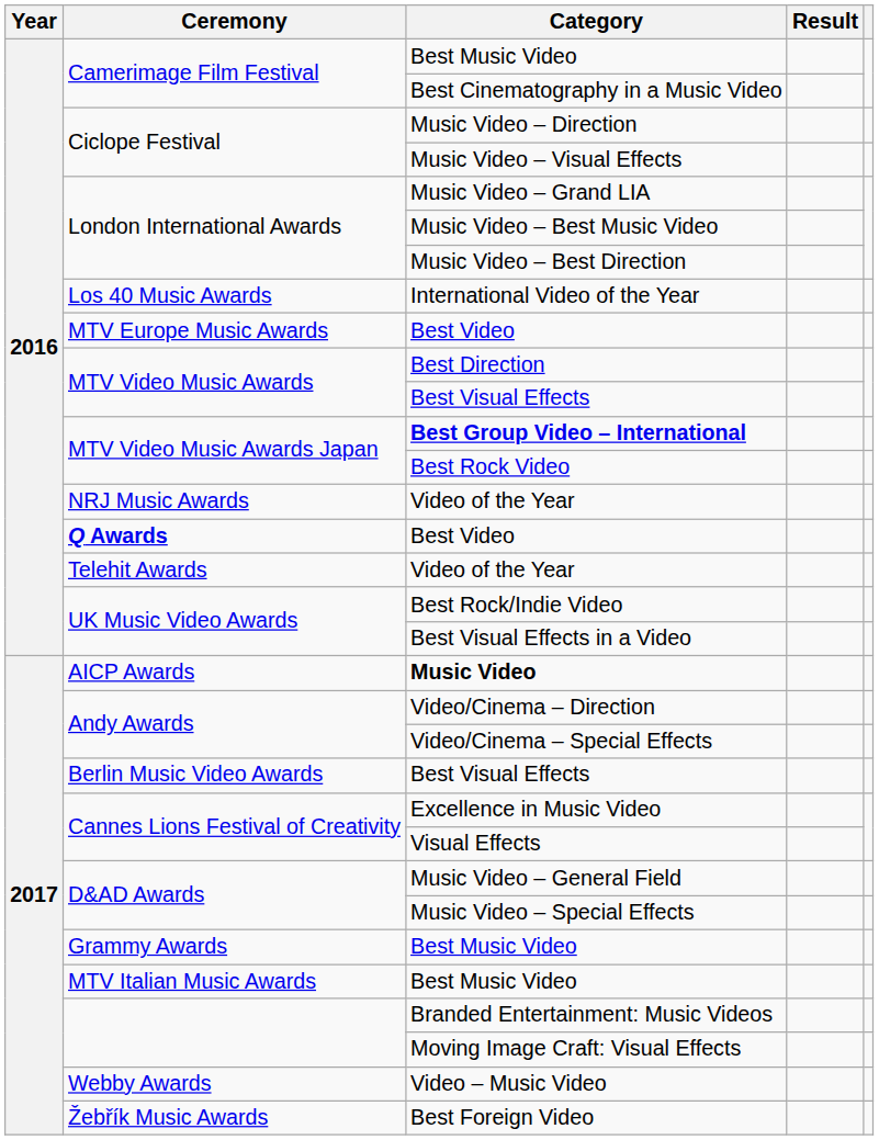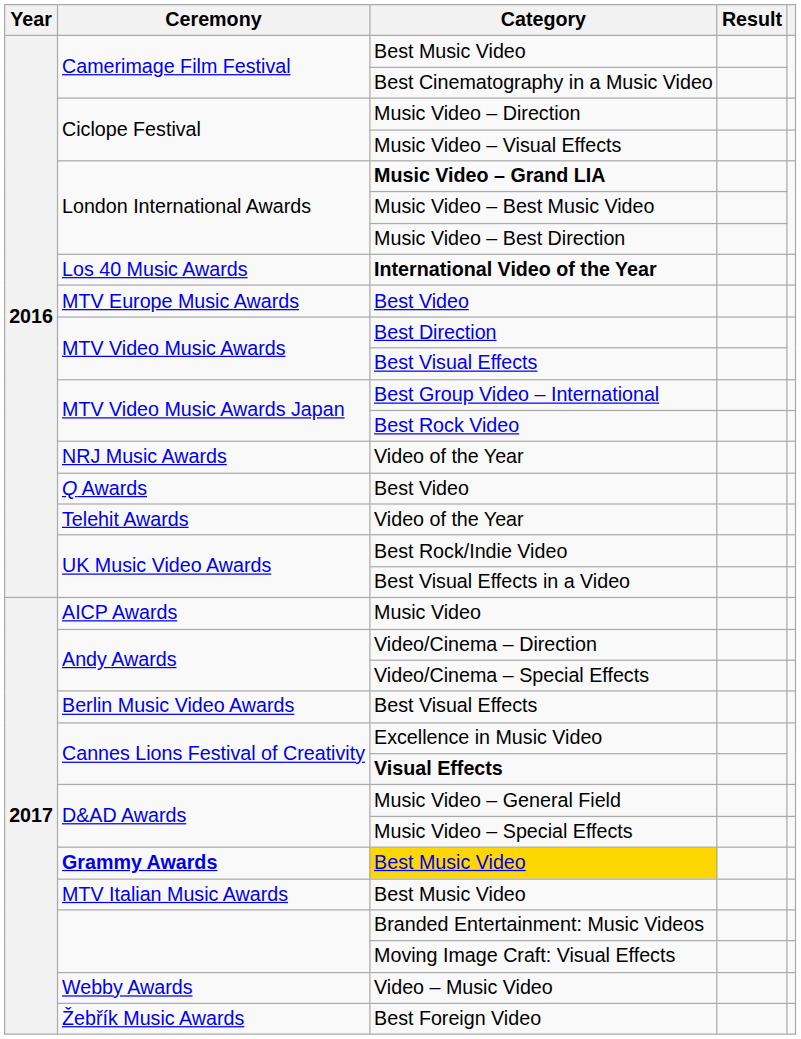 <table class="wikitable sortable plainrowheaders">
 <tr>
 <th scope="col">Year</th>
 <th scope="col">Ceremony</th>
 <th scope="col">Category</th>
 <th scope="col">Result</th>
 <th scope="col" class="unsortable"></th>
 </tr>
 <tr>
 <th rowspan="18" scope="rowgroup" style="text-align:center;">2016</th>
 <td rowspan="2"><a href='#'>Camerimage Film Festival</a></td>
 <td>Best Music Video</td>
 <td></td>
 <td rowspan="2" style="text-align: center;"></td>
 </tr>
 <tr>
 <td>Best Cinematography in a Music Video</td>
 <td></td>
 </tr>
 <tr>
 <td rowspan="2">Ciclope Festival</td>
 <td>Music Video – Direction</td>
 <td></td>
 <td style="text-align: center;"></td>
 </tr>
 <tr>
 <td>Music Video – Visual Effects</td>
 <td></td>
 <td style="text-align: center;"></td>
 </tr>
 <tr>
 <td rowspan="3">London International Awards</td>
-<td>Music Video – Grand LIA</td>
+<td><strong>Music Video – Grand LIA</strong></td>
 <td></td>
 <td rowspan="3" style="text-align: center;"></td>
 </tr>
 <tr>
 <td>Music Video – Best Music Video</td>
 <td></td>
 </tr>
 <tr>
 <td>Music Video – Best Direction</td>
 <td></td>
 </tr>
 <tr>
 <td><a href='#'>Los 40 Music Awards</a></td>
-<td>International Video of the Year</td>
+<td><strong>International Video of the Year</strong></td>
 <td></td>
 <td style="text-align: center;"></td>
 </tr>
 <tr>
 <td><a href='#'>MTV Europe Music Awards</a></td>
 <td><a href='#'>Best Video</a></td>
 <td></td>
 <td style="text-align: center;"></td>
 </tr>
 <tr>
 <td rowspan="2"><a href='#'>MTV Video Music Awards</a></td>
 <td><a href='#'>Best Direction</a></td>
 <td></td>
 <td rowspan="2" style="text-align: center;"></td>
 </tr>
 <tr>
 <td><a href='#'>Best Visual Effects</a></td>
 <td></td>
 </tr>
 <tr>
 <td rowspan="2"><a href='#'>MTV Video Music Awards Japan</a></td>
-<td><strong><a href='#'>Best Group Video – International</a></strong></td>
+<td><a href='#'>Best Group Video – International</a></td>
 <td></td>
 <td style="text-align:center;"></td>
 </tr>
 <tr>
 <td><a href='#'>Best Rock Video</a></td>
 <td></td>
 <td style="text-align:center;"></td>
 </tr>
 <tr>
 <td><a href='#'>NRJ Music Awards</a></td>
 <td>Video of the Year</td>
 <td></td>
 <td style="text-align: center;"></td>
 </tr>
 <tr>
-<td><strong><a href='#'><em>Q</em> Awards</a></strong></td>
+<td><a href='#'><em>Q</em> Awards</a></td>
 <td>Best Video</td>
 <td></td>
 <td style="text-align: center;"></td>
 </tr>
 <tr>
 <td><a href='#'>Telehit Awards</a></td>
 <td>Video of the Year</td>
 <td></td>
 <td style="text-align:center;"></td>
 </tr>
 <tr>
 <td rowspan="2"><a href='#'>UK Music Video Awards</a></td>
 <td>Best Rock/Indie Video</td>
 <td></td>
 <td style="text-align:center;"></td>
 </tr>
 <tr>
 <td>Best Visual Effects in a Video</td>
 <td></td>
 <td style="text-align:center;"></td>
 </tr>
 <tr>
 <th rowspan="14" scope="rowgroup" style="text-align:center;">2017</th>
 <td scope="row"><a href='#'>AICP Awards</a></td>
-<td><strong>Music Video</strong></td>
+<td>Music Video</td>
 <td></td>
 <td style="text-align:center;"></td>
 </tr>
 <tr>
 <td rowspan="2" scope="rowgroup"><a href='#'>Andy Awards</a></td>
 <td>Video/Cinema – Direction</td>
 <td></td>
 <td style="text-align:center;"></td>
 </tr>
 <tr>
 <td>Video/Cinema – Special Effects</td>
 <td></td>
 <td style="text-align:center;"></td>
 </tr>
 <tr>
 <td><a href='#'>Berlin Music Video Awards</a></td>
 <td>Best Visual Effects</td>
 <td></td>
 <td style="text-align:center;"></td>
 </tr>
 <tr>
 <td rowspan="2" scope="rowgroup"><a href='#'>Cannes Lions Festival of Creativity</a></td>
 <td>Excellence in Music Video</td>
 <td></td>
 <td rowspan="2" style="text-align:center;"></td>
 </tr>
 <tr>
-<td>Visual Effects</td>
+<td><strong>Visual Effects</strong></td>
 <td></td>
 </tr>
 <tr>
 <td rowspan="2"><a href='#'>D&AD Awards</a></td>
 <td>Music Video – General Field </td>
 <td></td>
 <td style="text-align:center;"></td>
 </tr>
 <tr>
 <td>Music Video – Special Effects </td>
 <td></td>
 <td style="text-align:center;"></td>
 </tr>
 <tr>
-<td><a href='#'>Grammy Awards</a></td>
-<td><a href='#'>Best Music Video</a></td>
+<td><strong><a href='#'>Grammy Awards</a></strong></td>
+<td style="background: gold;"><a href='#'>Best Music Video</a></td>
 <td></td>
 <td style="text-align:center;"></td>
 </tr>
 <tr>
 <td><a href='#'>MTV Italian Music Awards</a></td>
 <td>Best Music Video</td>
 <td></td>
 <td style="text-align:center;"></td>
 </tr>
 <tr>
 <td rowspan="2"></td>
 <td>Branded Entertainment: Music Videos</td>
 <td></td>
 <td style="text-align:center;"></td>
 </tr>
 <tr>
 <td>Moving Image Craft: Visual Effects</td>
 <td></td>
 <td style="text-align:center;"></td>
 </tr>
 <tr>
 <td><a href='#'>Webby Awards</a></td>
 <td>Video – Music Video</td>
 <td></td>
 <td style="text-align:center;"></td>
 </tr>
 <tr>
 <td><a href='#'>Žebřík Music Awards</a></td>
 <td>Best Foreign Video</td>
 <td></td>
 <td style="text-align:center;"></td>
 </tr>
 </table>
